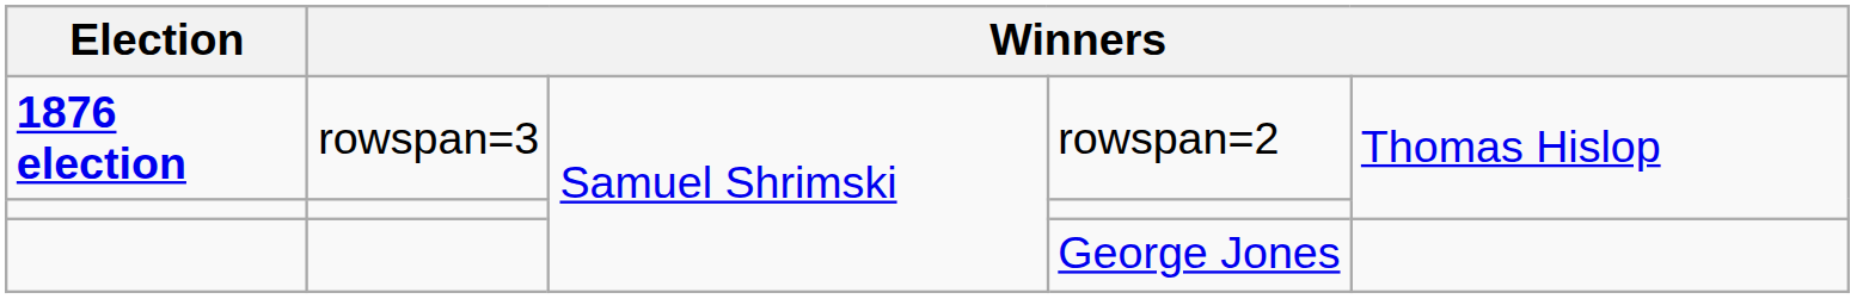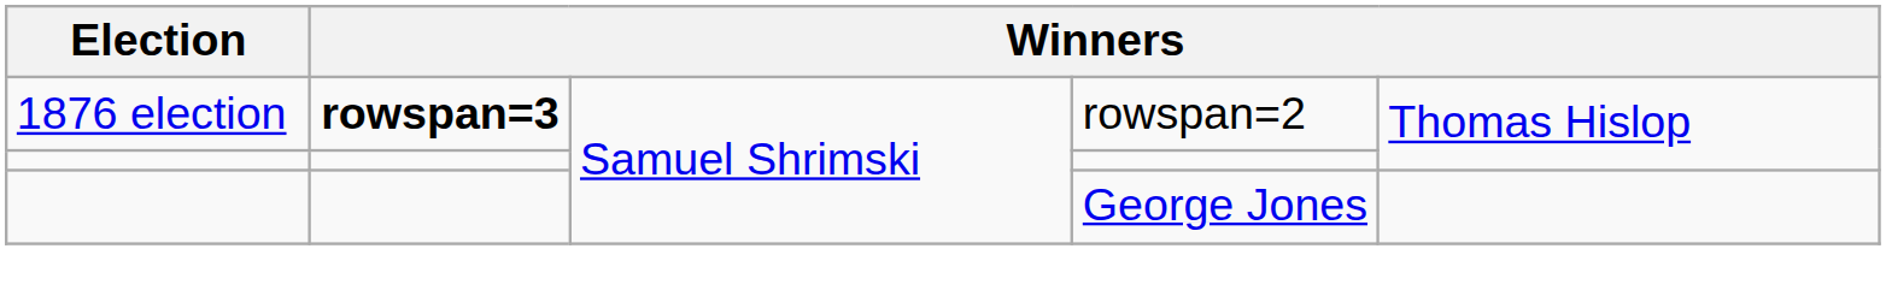 <table class=wikitable>
 <tr>
 <th width=100>Election</th>
 <th colspan=4>Winners</th>
 </tr>
 <tr>
-<td><strong><a href='#'>1876 election</a></strong></td>
-<td>rowspan=3 </td>
+<td><a href='#'>1876 election</a></td>
+<td><strong>rowspan=3 </strong></td>
 <td rowspan=3 width=170><a href='#'>Samuel Shrimski</a></td>
 <td>rowspan=2 </td>
 <td rowspan=2 width=170><a href='#'>Thomas Hislop</a></td>
 </tr>
 <tr>
 <td></td>
 </tr>
 <tr>
 <td></td>
 <td></td>
 <td><a href='#'>George Jones</a></td>
 </tr>
 </table>
